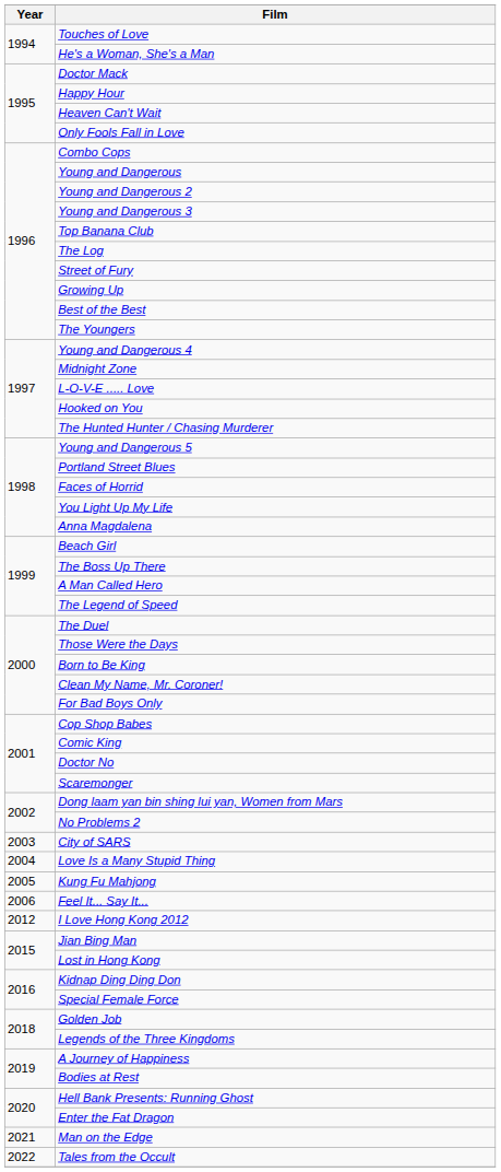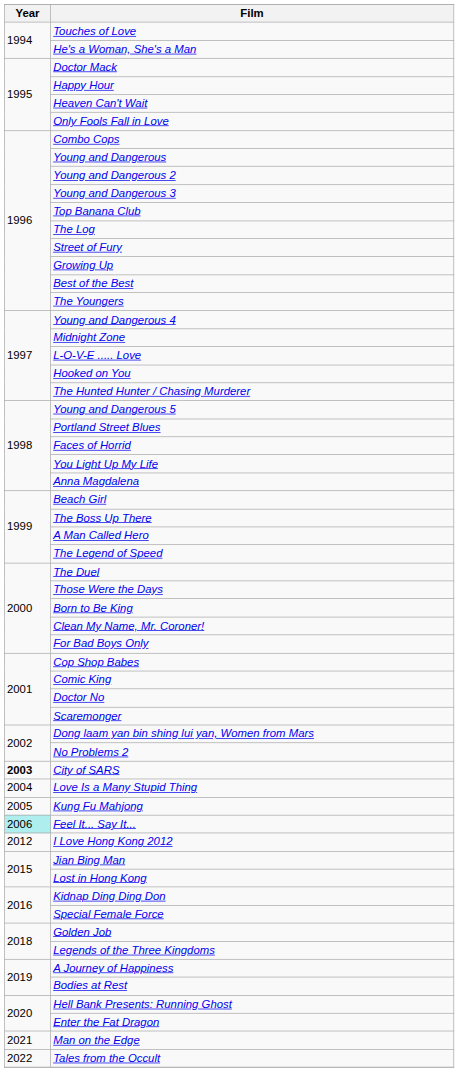 <table class="wikitable" width="40%">
 <tr style="background:#4d4c61; color:#76ee00" align="center">
 </tr>
 <tr>
 <th>Year</th>
 <th>Film</th>
 </tr>
 <tr>
 <td rowspan=2>1994</td>
 <td><em><a href='#'>Touches of Love</a></em></td>
 </tr>
 <tr>
 <td><em><a href='#'>He's a Woman, She's a Man</a></em></td>
 </tr>
 <tr>
 <td rowspan=4>1995</td>
 <td><em><a href='#'>Doctor Mack</a></em></td>
 </tr>
 <tr>
 <td><em><a href='#'>Happy Hour</a></em></td>
 </tr>
 <tr>
 <td><em><a href='#'>Heaven Can't Wait</a></em></td>
 </tr>
 <tr>
 <td><em><a href='#'>Only Fools Fall in Love</a></em></td>
 </tr>
 <tr>
 <td rowspan=10>1996</td>
 <td><em><a href='#'>Combo Cops</a></em></td>
 </tr>
 <tr>
 <td><em><a href='#'>Young and Dangerous</a></em></td>
 </tr>
 <tr>
 <td><em><a href='#'>Young and Dangerous 2</a></em></td>
 </tr>
 <tr>
 <td><em><a href='#'>Young and Dangerous 3</a></em></td>
 </tr>
 <tr>
 <td><em><a href='#'>Top Banana Club</a></em></td>
 </tr>
 <tr>
 <td><em><a href='#'>The Log</a></em></td>
 </tr>
 <tr>
 <td><em><a href='#'>Street of Fury</a></em></td>
 </tr>
 <tr>
 <td><em><a href='#'>Growing Up</a></em></td>
 </tr>
 <tr>
 <td><em><a href='#'>Best of the Best</a></em></td>
 </tr>
 <tr>
 <td><em><a href='#'>The Youngers</a></em></td>
 </tr>
 <tr>
 <td rowspan=5>1997</td>
 <td><em><a href='#'>Young and Dangerous 4</a></em></td>
 </tr>
 <tr>
 <td><em><a href='#'>Midnight Zone</a></em></td>
 </tr>
 <tr>
 <td><em><a href='#'>L-O-V-E ..... Love</a></em></td>
 </tr>
 <tr>
 <td><em><a href='#'>Hooked on You</a></em></td>
 </tr>
 <tr>
 <td><em><a href='#'>The Hunted Hunter / Chasing Murderer</a></em></td>
 </tr>
 <tr>
 <td rowspan=5>1998</td>
 <td><em><a href='#'>Young and Dangerous 5</a></em></td>
 </tr>
 <tr>
 <td><em><a href='#'>Portland Street Blues</a></em></td>
 </tr>
 <tr>
 <td><em><a href='#'>Faces of Horrid</a></em></td>
 </tr>
 <tr>
 <td><em><a href='#'>You Light Up My Life</a></em></td>
 </tr>
 <tr>
 <td><em><a href='#'>Anna Magdalena</a></em></td>
 </tr>
 <tr>
 <td rowspan=4>1999</td>
 <td><em><a href='#'>Beach Girl</a></em></td>
 </tr>
 <tr>
 <td><em><a href='#'>The Boss Up There</a></em></td>
 </tr>
 <tr>
 <td><em><a href='#'>A Man Called Hero</a></em></td>
 </tr>
 <tr>
 <td><em><a href='#'>The Legend of Speed</a></em></td>
 </tr>
 <tr>
 <td rowspan=5>2000</td>
 <td><em><a href='#'>The Duel</a></em></td>
 </tr>
 <tr>
 <td><em><a href='#'>Those Were the Days</a></em></td>
 </tr>
 <tr>
 <td><em><a href='#'>Born to Be King</a></em></td>
 </tr>
 <tr>
 <td><em><a href='#'>Clean My Name, Mr. Coroner!</a></em></td>
 </tr>
 <tr>
 <td><em><a href='#'>For Bad Boys Only</a></em></td>
 </tr>
 <tr>
 <td rowspan=4>2001</td>
 <td><em><a href='#'>Cop Shop Babes</a></em></td>
 </tr>
 <tr>
 <td><em><a href='#'>Comic King</a></em></td>
 </tr>
 <tr>
 <td><em><a href='#'>Doctor No</a></em></td>
 </tr>
 <tr>
 <td><em><a href='#'>Scaremonger</a></em></td>
 </tr>
 <tr>
 <td rowspan=2>2002</td>
 <td><em><a href='#'>Dong laam yan bin shing lui yan, Women from Mars</a></em></td>
 </tr>
 <tr>
 <td><em><a href='#'>No Problems 2</a></em></td>
 </tr>
 <tr>
-<td>2003</td>
+<td><strong>2003</strong></td>
 <td><em><a href='#'>City of SARS</a></em></td>
 </tr>
 <tr>
 <td>2004</td>
 <td><em><a href='#'>Love Is a Many Stupid Thing</a></em></td>
 </tr>
 <tr>
 <td>2005</td>
 <td><em><a href='#'>Kung Fu Mahjong</a></em></td>
 </tr>
 <tr>
-<td>2006</td>
+<td style="background: paleturquoise;">2006</td>
 <td><em><a href='#'>Feel It... Say It...</a></em></td>
 </tr>
 <tr>
 <td>2012</td>
 <td><em><a href='#'>I Love Hong Kong 2012</a></em></td>
 </tr>
 <tr>
 <td rowspan=2>2015</td>
 <td><em><a href='#'>Jian Bing Man</a></em></td>
 </tr>
 <tr>
 <td><em><a href='#'>Lost in Hong Kong</a></em></td>
 </tr>
 <tr>
 <td rowspan=2>2016</td>
 <td><em><a href='#'>Kidnap Ding Ding Don</a></em></td>
 </tr>
 <tr>
 <td><em><a href='#'>Special Female Force</a></em></td>
 </tr>
 <tr>
 <td rowspan=2>2018</td>
 <td><em><a href='#'>Golden Job</a></em></td>
 </tr>
 <tr>
 <td><em><a href='#'>Legends of the Three Kingdoms</a></em></td>
 </tr>
 <tr>
 <td rowspan=2>2019</td>
 <td><em><a href='#'>A Journey of Happiness</a></em></td>
 </tr>
 <tr>
 <td><em><a href='#'>Bodies at Rest</a></em></td>
 </tr>
 <tr>
 <td rowspan=2>2020</td>
 <td><em><a href='#'>Hell Bank Presents: Running Ghost</a></em></td>
 </tr>
 <tr>
 <td><em><a href='#'>Enter the Fat Dragon</a></em></td>
 </tr>
 <tr>
 <td>2021</td>
 <td><em><a href='#'>Man on the Edge</a></em></td>
 </tr>
 <tr>
 <td>2022</td>
 <td><em><a href='#'>Tales from the Occult</a></em></td>
 </tr>
 <tr>
 </tr>
 </table>
